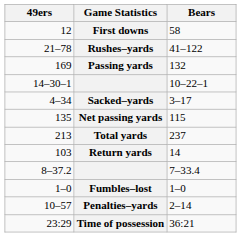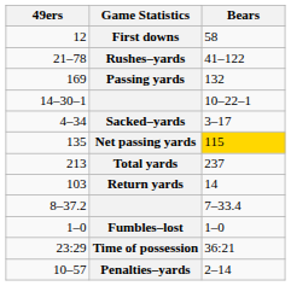 <table class="wikitable" style="margin: 1em auto 1em auto">
 <tr>
 <th style="width:30%;">49ers</th>
 <th style="width:40%;">Game Statistics</th>
 <th style="width:30%;">Bears</th>
 </tr>
 <tr>
 <td style="text-align:right;">12</td>
 <th>First downs</th>
 <td>58</td>
 </tr>
 <tr>
 <td style="text-align:right;">21–78</td>
 <th>Rushes–yards</th>
 <td>41–122</td>
 </tr>
 <tr>
 <td style="text-align:right;">169</td>
 <th>Passing yards</th>
 <td>132</td>
 </tr>
 <tr>
 <td style="text-align:right;">14–30–1</td>
 <th></th>
 <td>10–22–1</td>
 </tr>
 <tr>
 <td style="text-align:right;">4–34</td>
 <th>Sacked–yards</th>
 <td>3–17</td>
 </tr>
 <tr>
 <td style="text-align:right;">135</td>
 <th>Net passing yards</th>
-<td>115</td>
+<td style="background: gold;">115</td>
 </tr>
 <tr>
 <td style="text-align:right;">213</td>
 <th>Total yards</th>
 <td>237</td>
 </tr>
 <tr>
 <td style="text-align:right;">103</td>
 <th>Return yards</th>
 <td>14</td>
 </tr>
 <tr>
 <td style="text-align:right;">8–37.2</td>
 <th></th>
 <td>7–33.4</td>
 </tr>
 <tr>
 <td style="text-align:right;">1–0</td>
 <th>Fumbles–lost</th>
 <td>1–0</td>
 </tr>
 <tr>
+<td style="text-align:right;">23:29</td>
+<th>Time of possession</th>
+<td>36:21</td>
+</tr>
+<tr>
 <td style="text-align:right;">10–57</td>
 <th>Penalties–yards</th>
 <td>2–14</td>
 </tr>
-<tr>
-<td style="text-align:right;">23:29</td>
-<th>Time of possession</th>
-<td>36:21</td>
-</tr>
 </table>
